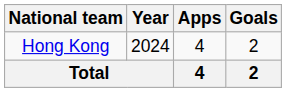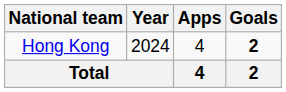 <table class="wikitable" style="text-align:center">
 <tr>
 <th>National team</th>
 <th>Year</th>
 <th>Apps</th>
 <th>Goals</th>
 </tr>
 <tr>
 <td><a href='#'>Hong Kong</a></td>
 <td>2024</td>
 <td>4</td>
-<td>2</td>
+<td><strong>2</strong></td>
 </tr>
 <tr>
 <th colspan="2">Total</th>
 <th>4</th>
 <th>2</th>
 </tr>
 </table>
